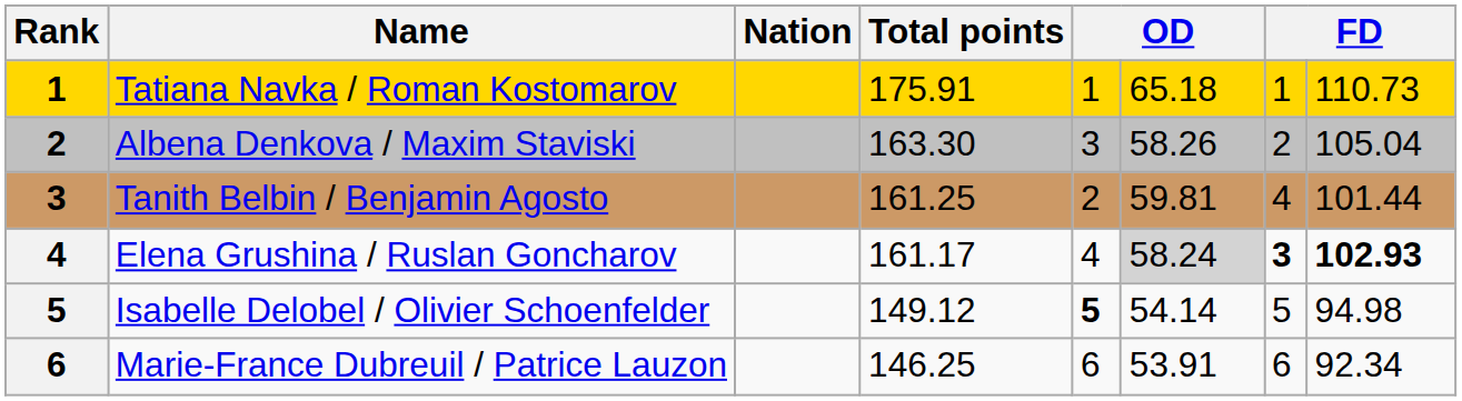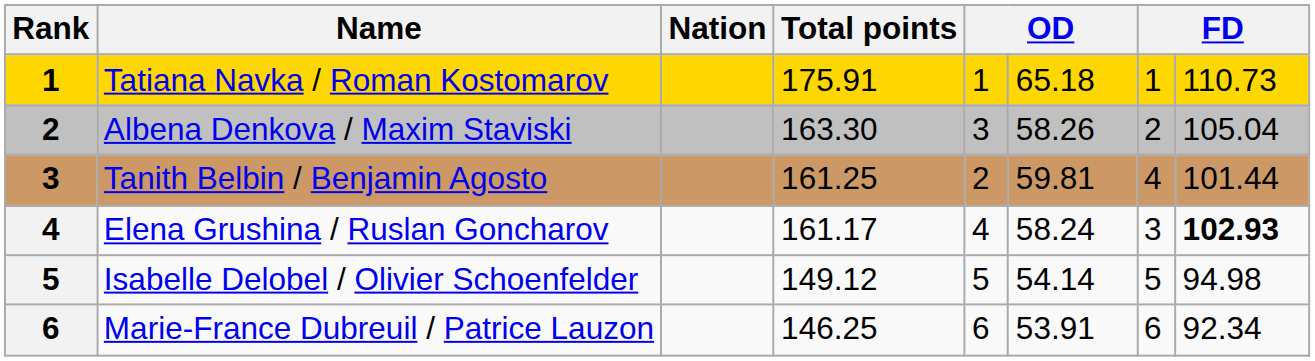 <table class="wikitable">
 <tr>
 <th>Rank</th>
 <th>Name</th>
 <th>Nation</th>
 <th>Total points</th>
 <th colspan="2" width="80px"><a href='#'>OD</a></th>
 <th colspan="2" width="80px"><a href='#'>FD</a></th>
 </tr>
 <tr bgcolor="gold">
 <td align="center"><strong>1</strong></td>
 <td><a href='#'>Tatiana Navka</a> / <a href='#'>Roman Kostomarov</a></td>
 <td></td>
 <td>175.91</td>
 <td>1</td>
 <td>65.18</td>
 <td>1</td>
 <td>110.73</td>
 </tr>
 <tr bgcolor="silver">
 <td align="center"><strong>2</strong></td>
 <td><a href='#'>Albena Denkova</a> / <a href='#'>Maxim Staviski</a></td>
 <td></td>
 <td>163.30</td>
 <td>3</td>
 <td>58.26</td>
 <td>2</td>
 <td>105.04</td>
 </tr>
 <tr bgcolor="cc9966">
 <td align="center"><strong>3</strong></td>
 <td><a href='#'>Tanith Belbin</a> / <a href='#'>Benjamin Agosto</a></td>
 <td></td>
 <td>161.25</td>
 <td>2</td>
 <td>59.81</td>
 <td>4</td>
 <td>101.44</td>
 </tr>
 <tr>
 <th>4</th>
 <td><a href='#'>Elena Grushina</a> / <a href='#'>Ruslan Goncharov</a></td>
 <td></td>
 <td>161.17</td>
 <td>4</td>
-<td style="background: lightgrey;">58.24</td>
-<td><strong>3</strong></td>
+<td>58.24</td>
+<td>3</td>
 <td><strong>102.93</strong></td>
 </tr>
 <tr>
 <th>5</th>
 <td><a href='#'>Isabelle Delobel</a> / <a href='#'>Olivier Schoenfelder</a></td>
 <td></td>
 <td>149.12</td>
-<td><strong>5</strong></td>
+<td>5</td>
 <td>54.14</td>
 <td>5</td>
 <td>94.98</td>
 </tr>
 <tr>
 <th>6</th>
 <td><a href='#'>Marie-France Dubreuil</a> / <a href='#'>Patrice Lauzon</a></td>
 <td></td>
 <td>146.25</td>
 <td>6</td>
 <td>53.91</td>
 <td>6</td>
 <td>92.34</td>
 </tr>
 </table>
